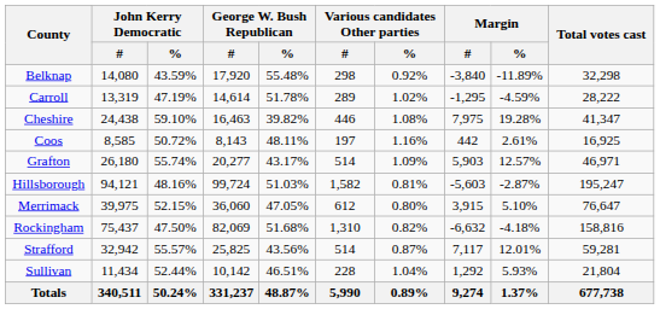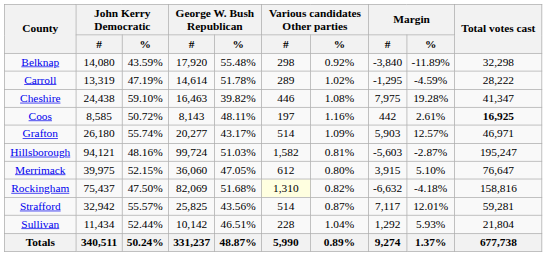 <table width="60%"  class="wikitable sortable" style="text-align:center">
 <tr>
 <th style="text-align:center;" rowspan="2">County</th>
 <th style="text-align:center;" colspan="2">John Kerry<br>Democratic</th>
 <th style="text-align:center;" colspan="2">George W. Bush<br>Republican</th>
 <th style="text-align:center;" colspan="2">Various candidates<br>Other parties</th>
 <th style="text-align:center;" colspan="2">Margin</th>
 <th style="text-align:center;" rowspan="2">Total votes cast</th>
 </tr>
 <tr>
 <th style="text-align:center;" data-sort-type="number">#</th>
 <th style="text-align:center;" data-sort-type="number">%</th>
 <th style="text-align:center;" data-sort-type="number">#</th>
 <th style="text-align:center;" data-sort-type="number">%</th>
 <th style="text-align:center;" data-sort-type="number">#</th>
 <th style="text-align:center;" data-sort-type="number">%</th>
 <th style="text-align:center;" data-sort-type="number">#</th>
 <th style="text-align:center;" data-sort-type="number">%</th>
 </tr>
 <tr style="text-align:center;">
 <td><a href='#'>Belknap</a></td>
 <td>14,080</td>
 <td>43.59%</td>
 <td>17,920</td>
 <td>55.48%</td>
 <td>298</td>
 <td>0.92%</td>
 <td>-3,840</td>
 <td>-11.89%</td>
 <td>32,298</td>
 </tr>
 <tr style="text-align:center;">
 <td><a href='#'>Carroll</a></td>
 <td>13,319</td>
 <td>47.19%</td>
 <td>14,614</td>
 <td>51.78%</td>
 <td>289</td>
 <td>1.02%</td>
 <td>-1,295</td>
 <td>-4.59%</td>
 <td>28,222</td>
 </tr>
 <tr style="text-align:center;">
 <td><a href='#'>Cheshire</a></td>
 <td>24,438</td>
 <td>59.10%</td>
 <td>16,463</td>
 <td>39.82%</td>
 <td>446</td>
 <td>1.08%</td>
 <td>7,975</td>
 <td>19.28%</td>
 <td>41,347</td>
 </tr>
 <tr style="text-align:center;">
 <td><a href='#'>Coos</a></td>
 <td>8,585</td>
 <td>50.72%</td>
 <td>8,143</td>
 <td>48.11%</td>
 <td>197</td>
 <td>1.16%</td>
 <td>442</td>
 <td>2.61%</td>
-<td>16,925</td>
+<td><strong>16,925</strong></td>
 </tr>
 <tr style="text-align:center;">
 <td><a href='#'>Grafton</a></td>
 <td>26,180</td>
 <td>55.74%</td>
 <td>20,277</td>
 <td>43.17%</td>
 <td>514</td>
 <td>1.09%</td>
 <td>5,903</td>
 <td>12.57%</td>
 <td>46,971</td>
 </tr>
 <tr style="text-align:center;">
 <td><a href='#'>Hillsborough</a></td>
 <td>94,121</td>
 <td>48.16%</td>
 <td>99,724</td>
 <td>51.03%</td>
 <td>1,582</td>
 <td>0.81%</td>
 <td>-5,603</td>
 <td>-2.87%</td>
 <td>195,247</td>
 </tr>
 <tr style="text-align:center;">
 <td><a href='#'>Merrimack</a></td>
 <td>39,975</td>
 <td>52.15%</td>
 <td>36,060</td>
 <td>47.05%</td>
 <td>612</td>
 <td>0.80%</td>
 <td>3,915</td>
 <td>5.10%</td>
 <td>76,647</td>
 </tr>
 <tr style="text-align:center;">
 <td><a href='#'>Rockingham</a></td>
 <td>75,437</td>
 <td>47.50%</td>
 <td>82,069</td>
 <td>51.68%</td>
-<td>1,310</td>
+<td style="background: lightyellow;">1,310</td>
 <td>0.82%</td>
 <td>-6,632</td>
 <td>-4.18%</td>
 <td>158,816</td>
 </tr>
 <tr style="text-align:center;">
 <td><a href='#'>Strafford</a></td>
 <td>32,942</td>
 <td>55.57%</td>
 <td>25,825</td>
 <td>43.56%</td>
 <td>514</td>
 <td>0.87%</td>
 <td>7,117</td>
 <td>12.01%</td>
 <td>59,281</td>
 </tr>
 <tr style="text-align:center;">
 <td><a href='#'>Sullivan</a></td>
 <td>11,434</td>
 <td>52.44%</td>
 <td>10,142</td>
 <td>46.51%</td>
 <td>228</td>
 <td>1.04%</td>
 <td>1,292</td>
 <td>5.93%</td>
 <td>21,804</td>
 </tr>
 <tr>
 <th>Totals</th>
 <th>340,511</th>
 <th>50.24%</th>
 <th>331,237</th>
 <th>48.87%</th>
 <th>5,990</th>
 <th>0.89%</th>
 <th>9,274</th>
 <th>1.37%</th>
 <th>677,738</th>
 </tr>
 </table>
